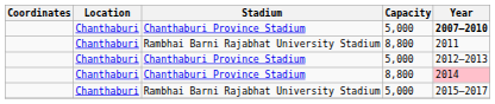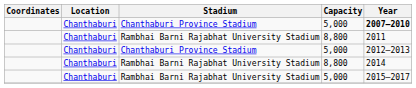 <table class="wikitable sortable">
 <tr>
 <th>Coordinates</th>
 <th>Location</th>
 <th>Stadium</th>
 <th>Capacity</th>
 <th>Year</th>
 </tr>
 <tr>
 <td></td>
 <td><a href='#'>Chanthaburi</a></td>
 <td><a href='#'>Chanthaburi Province Stadium</a></td>
 <td>5,000</td>
 <td><strong>2007–2010</strong></td>
 </tr>
 <tr>
 <td></td>
 <td><a href='#'>Chanthaburi</a></td>
 <td>Rambhai Barni Rajabhat University Stadium</td>
 <td>8,800</td>
 <td>2011</td>
 </tr>
 <tr>
 <td></td>
 <td><a href='#'>Chanthaburi</a></td>
 <td><a href='#'>Chanthaburi Province Stadium</a></td>
 <td>5,000</td>
 <td>2012–2013</td>
 </tr>
 <tr>
 <td></td>
 <td><a href='#'>Chanthaburi</a></td>
-<td><a href='#'>Chanthaburi Province Stadium</a></td>
+<td>Rambhai Barni Rajabhat University Stadium</td>
 <td>8,800</td>
-<td style="background: pink;">2014</td>
+<td>2014</td>
 </tr>
 <tr>
 <td></td>
 <td><a href='#'>Chanthaburi</a></td>
 <td>Rambhai Barni Rajabhat University Stadium</td>
 <td>5,000</td>
 <td>2015–2017</td>
 </tr>
 <tr>
 </tr>
 </table>
